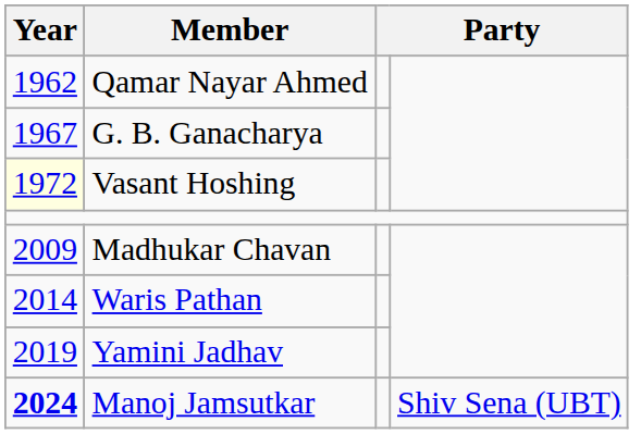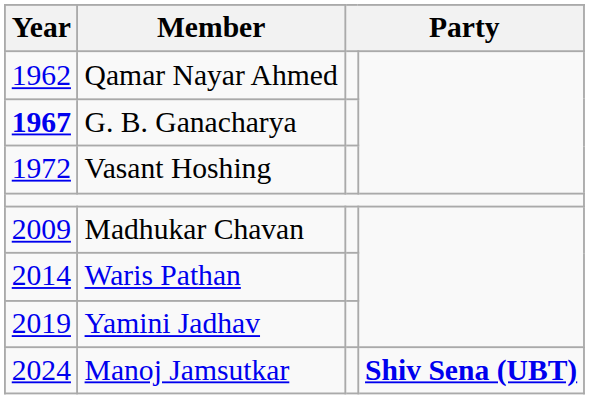 <table class="wikitable">
 <tr>
 <th>Year</th>
 <th>Member</th>
 <th colspan="2">Party</th>
 </tr>
 <tr>
 <td><a href='#'>1962</a></td>
 <td>Qamar Nayar Ahmed</td>
 <td></td>
 </tr>
 <tr>
-<td><a href='#'>1967</a></td>
+<td><strong><a href='#'>1967</a></strong></td>
 <td>G. B. Ganacharya</td>
 <td></td>
 </tr>
 <tr>
-<td style="background: lightyellow;"><a href='#'>1972</a></td>
+<td><a href='#'>1972</a></td>
 <td>Vasant Hoshing</td>
 <td></td>
 </tr>
 <tr>
 <td colspan="4"></td>
 </tr>
 <tr>
 <td><a href='#'>2009</a></td>
 <td>Madhukar Chavan</td>
 <td></td>
 </tr>
 <tr>
 <td><a href='#'>2014</a></td>
 <td><a href='#'>Waris Pathan</a></td>
 <td></td>
 </tr>
 <tr>
 <td><a href='#'>2019</a></td>
 <td><a href='#'>Yamini Jadhav</a></td>
 <td></td>
 </tr>
 <tr>
-<td><strong><a href='#'>2024</a></strong></td>
+<td><a href='#'>2024</a></td>
 <td><a href='#'>Manoj Jamsutkar</a></td>
 <td style="background-color :"></td>
-<td><a href='#'>Shiv Sena (UBT)</a></td>
+<td><strong><a href='#'>Shiv Sena (UBT)</a></strong></td>
 </tr>
 </table>
